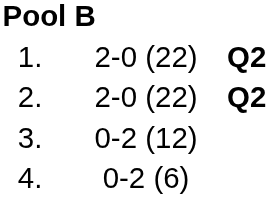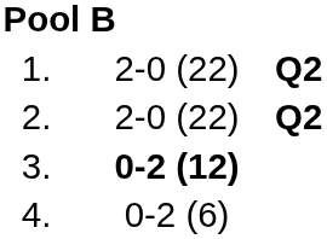 <table style="text-align:center">
 <tr>
 <td colspan=4 align=left><strong>Pool B</strong></td>
 </tr>
 <tr>
 <td width=30>1.</td>
 <td align=left></td>
 <td width=80>2-0 (22)</td>
 <td><strong>Q2</strong></td>
 </tr>
 <tr>
 <td>2.</td>
 <td align=left></td>
 <td>2-0 (22)</td>
 <td><strong>Q2</strong></td>
 </tr>
 <tr>
 <td>3.</td>
 <td align=left></td>
-<td>0-2 (12)</td>
+<td><strong>0-2 (12)</strong></td>
 <td></td>
 </tr>
 <tr>
 <td>4.</td>
 <td align=left></td>
 <td>0-2 (6)</td>
 <td></td>
 </tr>
 </table>
